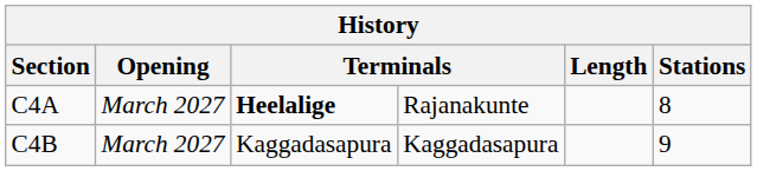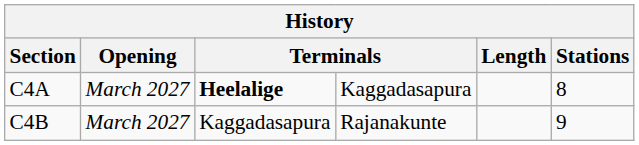 <table class="wikitable">
 <tr>
 <th colspan="6" style="background:#"><span><strong>History</strong></span></th>
 </tr>
 <tr>
 <th>Section</th>
 <th>Opening</th>
 <th colspan="2">Terminals</th>
 <th>Length</th>
 <th>Stations</th>
 </tr>
 <tr>
 <td>C4A</td>
 <td><em>March 2027</em></td>
 <td><strong>Heelalige</strong></td>
-<td>Rajanakunte</td>
+<td>Kaggadasapura</td>
 <td></td>
 <td>8</td>
 </tr>
 <tr>
 <td>C4B</td>
 <td><em>March 2027</em></td>
 <td>Kaggadasapura</td>
-<td>Kaggadasapura</td>
+<td>Rajanakunte</td>
 <td></td>
 <td>9</td>
 </tr>
 </table>
